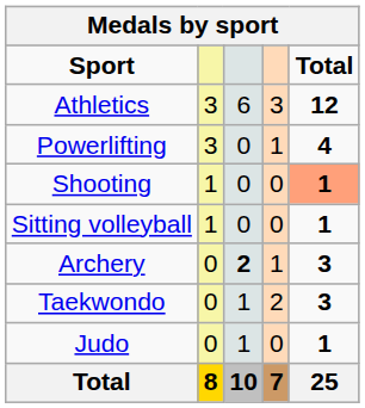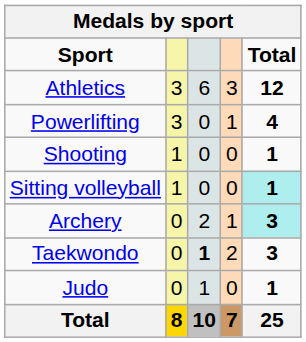 <table class="wikitable" style="font-size:85%;float:left;">
 <tr style="background:#efefef;">
 <th colspan=7>Medals by sport</th>
 </tr>
 <tr align=center>
 <td><strong>Sport</strong></td>
 <td style="background:#f7f6a8;"></td>
 <td style="background:#dce5e5;"></td>
 <td style="background:#ffdab9;"></td>
 <td><strong>Total</strong></td>
 </tr>
 <tr align=center>
 <td><a href='#'>Athletics</a></td>
 <td style="background:#f7f6a8;">3</td>
 <td style="background:#dce5e5;">6</td>
 <td style="background:#ffdab9;">3</td>
 <td><strong>12</strong></td>
 </tr>
 <tr align=center>
 <td><a href='#'>Powerlifting</a></td>
 <td style="background:#f7f6a8;">3</td>
 <td style="background:#dce5e5;">0</td>
 <td style="background:#ffdab9;">1</td>
 <td><strong>4</strong></td>
 </tr>
 <tr align=center>
 <td><a href='#'>Shooting</a></td>
 <td style="background:#f7f6a8;">1</td>
 <td style="background:#dce5e5;">0</td>
 <td style="background:#ffdab9;">0</td>
-<td style="background: lightsalmon;"><strong>1</strong></td>
+<td><strong>1</strong></td>
 </tr>
 <tr align=center>
 <td><a href='#'>Sitting volleyball</a></td>
 <td style="background:#f7f6a8;">1</td>
 <td style="background:#dce5e5;">0</td>
 <td style="background:#ffdab9;">0</td>
-<td><strong>1</strong></td>
+<td style="background: paleturquoise;"><strong>1</strong></td>
 </tr>
 <tr align=center>
 <td><a href='#'>Archery</a></td>
 <td style="background:#f7f6a8;">0</td>
-<td style="background:#dce5e5;"><strong>2</strong></td>
+<td style="background:#dce5e5;">2</td>
 <td style="background:#ffdab9;">1</td>
-<td><strong>3</strong></td>
+<td style="background: paleturquoise;"><strong>3</strong></td>
 </tr>
 <tr align=center>
 <td><a href='#'>Taekwondo</a></td>
 <td style="background:#f7f6a8;">0</td>
-<td style="background:#dce5e5;">1</td>
+<td style="background:#dce5e5;"><strong>1</strong></td>
 <td style="background:#ffdab9;">2</td>
 <td><strong>3</strong></td>
 </tr>
 <tr align=center>
 <td><a href='#'>Judo</a></td>
 <td style="background:#f7f6a8;">0</td>
 <td style="background:#dce5e5;">1</td>
 <td style="background:#ffdab9;">0</td>
 <td><strong>1</strong></td>
 </tr>
 <tr>
 <th>Total</th>
 <th style="background:gold">8</th>
 <th style="background:silver">10</th>
 <th style="background:#c96">7</th>
 <th>25</th>
 </tr>
 </table>
